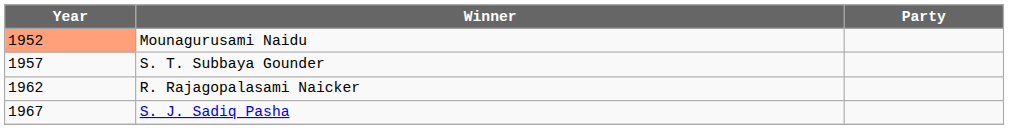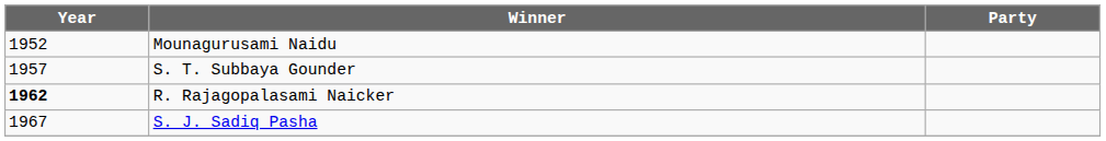 <table class="wikitable" width="70%">
 <tr>
 <th style="background-color:#666666; color:white">Year</th>
 <th style="background-color:#666666; color:white">Winner</th>
 <th style="background-color:#666666; color:white" colspan="2">Party</th>
 </tr>
 <tr>
-<td style="background: lightsalmon;">1952</td>
+<td>1952</td>
 <td>Mounagurusami Naidu</td>
 <td></td>
 </tr>
 <tr>
 <td>1957</td>
 <td>S. T. Subbaya Gounder</td>
 <td></td>
 </tr>
 <tr>
-<td>1962</td>
+<td><strong>1962</strong></td>
 <td>R. Rajagopalasami Naicker</td>
 <td></td>
 </tr>
 <tr>
 <td>1967</td>
 <td><a href='#'>S. J. Sadiq Pasha</a></td>
 <td></td>
 </tr>
 <tr>
 </tr>
 </table>
